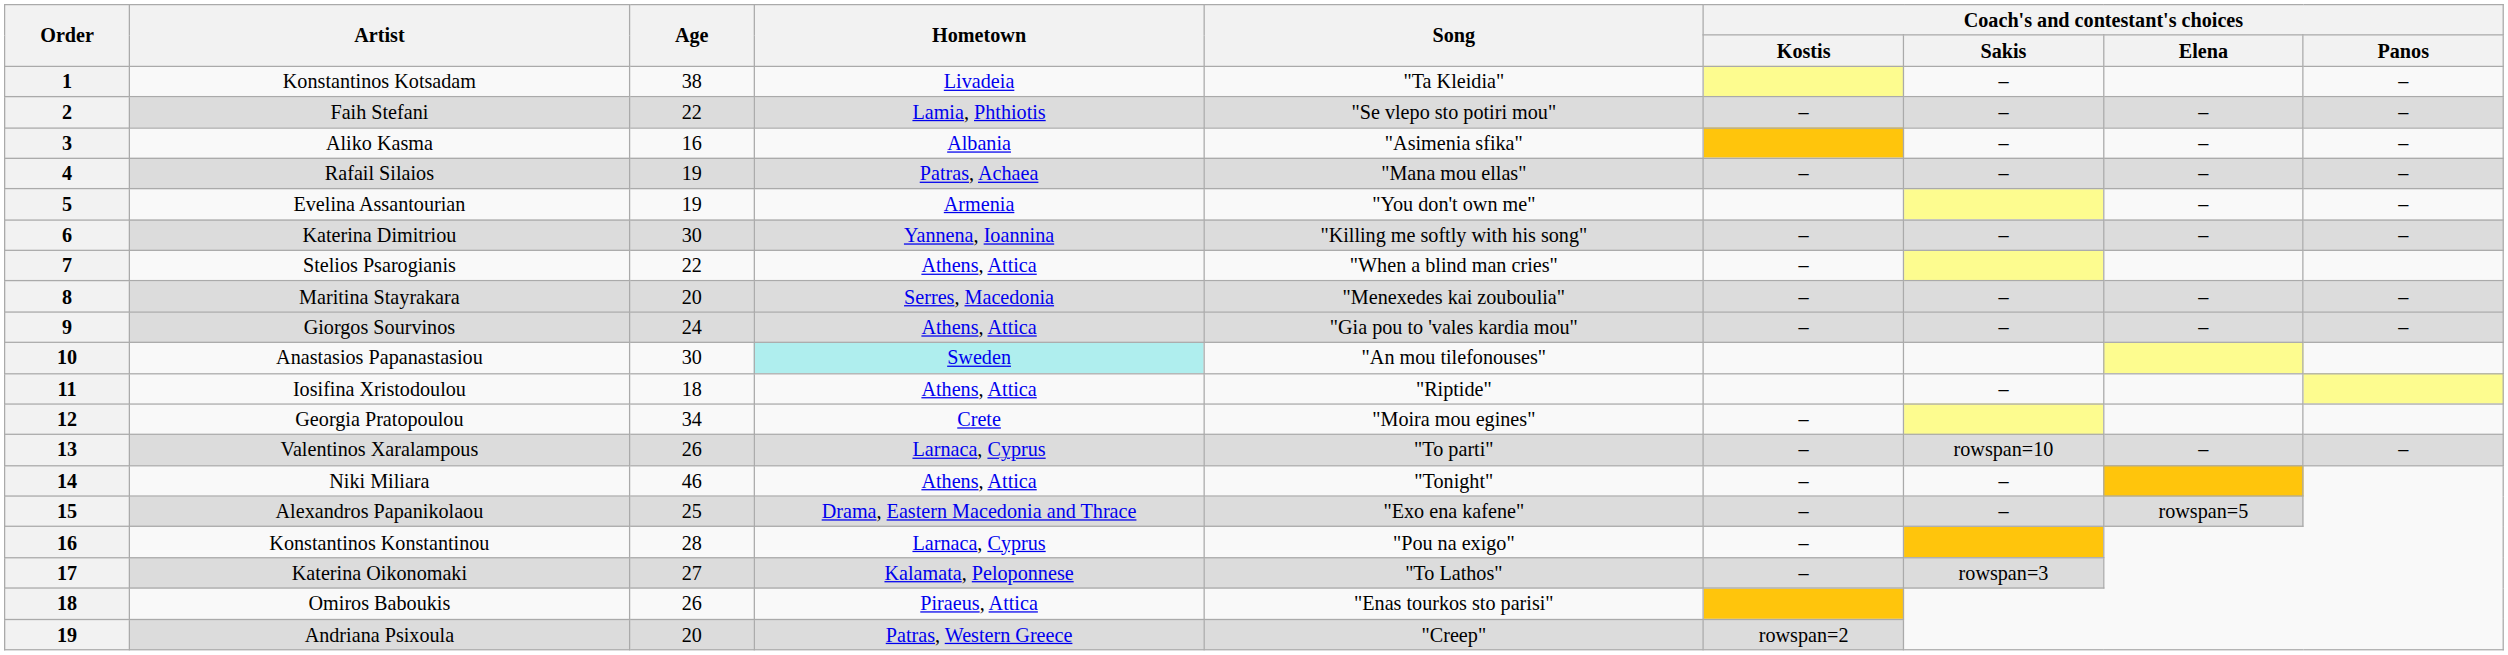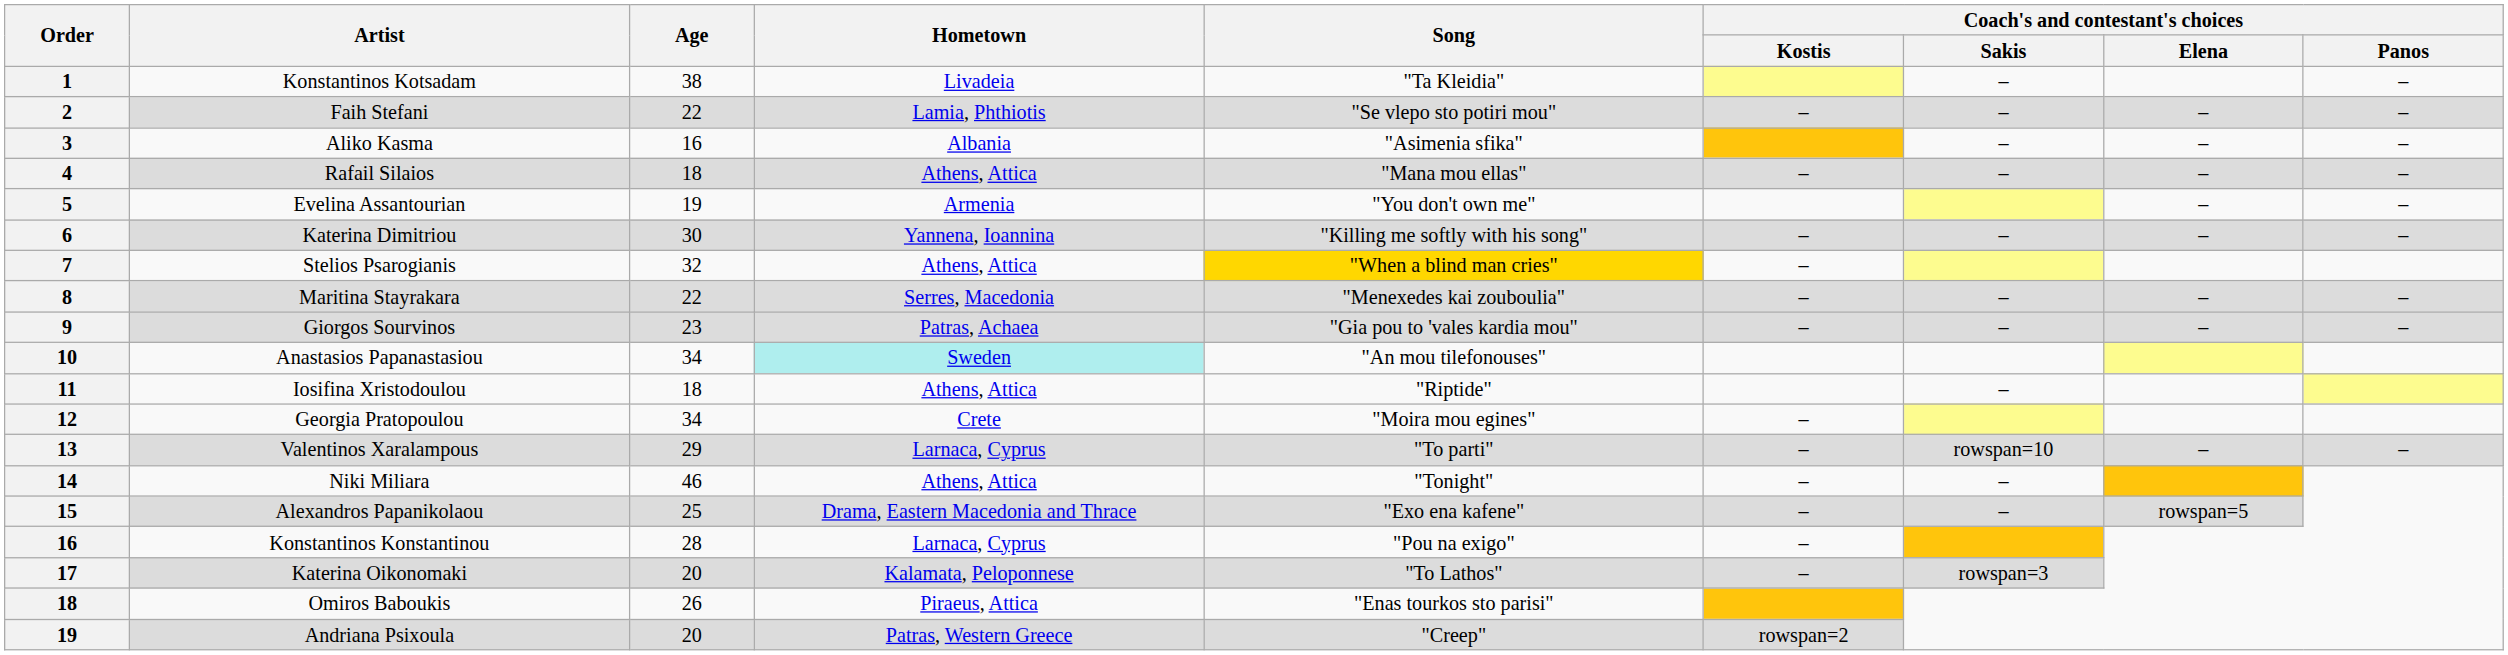 <table class="wikitable" style="text-align:center; line-height:17px; width:100%;">
 <tr>
 <th scope="col" rowspan="2" width="05%">Order</th>
 <th scope="col" rowspan="2" width="20%">Artist</th>
 <th scope="col" rowspan="2" width="05%">Age</th>
 <th scope="col" rowspan="2" width="18%">Hometown</th>
 <th scope="col" rowspan="2" width="20%">Song</th>
 <th scope="col" colspan="4" width="32%">Coach's and contestant's choices</th>
 </tr>
 <tr>
 <th width="08%">Kostis</th>
 <th width="08%">Sakis</th>
 <th width="08%">Elena</th>
 <th width="08%">Panos</th>
 </tr>
 <tr>
 <th>1</th>
 <td>Konstantinos Kotsadam</td>
 <td>38</td>
 <td><a href='#'>Livadeia</a></td>
 <td>"Ta Kleidia"</td>
 <td style="background: #fdfc8f;"></td>
 <td>–</td>
 <td></td>
 <td>–</td>
 </tr>
 <tr style="background: #DCDCDC;" |>
 <th>2</th>
 <td>Faih Stefani</td>
 <td>22</td>
 <td><a href='#'>Lamia</a>, <a href='#'>Phthiotis</a></td>
 <td>"Se vlepo sto potiri mou"</td>
 <td>–</td>
 <td>–</td>
 <td>–</td>
 <td>–</td>
 </tr>
 <tr>
 <th>3</th>
 <td>Aliko Kasma</td>
 <td>16</td>
 <td><a href='#'>Albania</a></td>
 <td>"Asimenia sfika"</td>
 <td style="background: #FFC50C;"></td>
 <td>–</td>
 <td>–</td>
 <td>–</td>
 </tr>
 <tr style="background: #DCDCDC;" |>
 <th>4</th>
 <td>Rafail Silaios</td>
-<td>19</td>
-<td><a href='#'>Patras</a>, <a href='#'>Achaea</a></td>
+<td>18</td>
+<td><a href='#'>Athens</a>, <a href='#'>Attica</a></td>
 <td>"Mana mou ellas"</td>
 <td>–</td>
 <td>–</td>
 <td>–</td>
 <td>–</td>
 </tr>
 <tr>
 <th>5</th>
 <td>Evelina Assantourian</td>
 <td>19</td>
 <td><a href='#'>Armenia</a></td>
 <td>"You don't own me"</td>
 <td></td>
 <td style="background: #fdfc8f;"></td>
 <td>–</td>
 <td>–</td>
 </tr>
 <tr style="background: #DCDCDC;" |>
 <th>6</th>
 <td>Katerina Dimitriou</td>
 <td>30</td>
 <td><a href='#'>Yannena</a>, <a href='#'>Ioannina</a></td>
 <td>"Killing me softly with his song"</td>
 <td>–</td>
 <td>–</td>
 <td>–</td>
 <td>–</td>
 </tr>
 <tr>
 <th>7</th>
 <td>Stelios Psarogianis</td>
-<td>22</td>
+<td>32</td>
 <td><a href='#'>Athens</a>, <a href='#'>Attica</a></td>
-<td>"When a blind man cries"</td>
+<td style="background: gold;">"When a blind man cries"</td>
 <td>–</td>
 <td style="background: #fdfc8f;"></td>
 <td></td>
 <td></td>
 </tr>
 <tr style="background: #DCDCDC;" |>
 <th>8</th>
 <td>Maritina Stayrakara</td>
-<td>20</td>
+<td>22</td>
 <td><a href='#'>Serres</a>, <a href='#'>Macedonia</a></td>
 <td>"Menexedes kai zouboulia"</td>
 <td>–</td>
 <td>–</td>
 <td>–</td>
 <td>–</td>
 </tr>
 <tr style="background: #DCDCDC;" |>
 <th>9</th>
 <td>Giorgos Sourvinos</td>
-<td>24</td>
-<td><a href='#'>Athens</a>, <a href='#'>Attica</a></td>
+<td>23</td>
+<td><a href='#'>Patras</a>, <a href='#'>Achaea</a></td>
 <td>"Gia pou to 'vales kardia mou"</td>
 <td>–</td>
 <td>–</td>
 <td>–</td>
 <td>–</td>
 </tr>
 <tr>
 <th>10</th>
 <td>Anastasios Papanastasiou</td>
-<td>30</td>
+<td>34</td>
 <td style="background: paleturquoise;"><a href='#'>Sweden</a></td>
 <td>"An mou tilefonouses"</td>
 <td></td>
 <td></td>
 <td style="background: #fdfc8f;"></td>
 <td></td>
 </tr>
 <tr>
 <th>11</th>
 <td>Iosifina Xristodoulou</td>
 <td>18</td>
 <td><a href='#'>Athens</a>, <a href='#'>Attica</a></td>
 <td>"Riptide"</td>
 <td></td>
 <td>–</td>
 <td></td>
 <td style="background: #fdfc8f;"></td>
 </tr>
 <tr>
 <th>12</th>
 <td>Georgia Pratopoulou</td>
 <td>34</td>
 <td><a href='#'>Crete</a></td>
 <td>"Moira mou egines"</td>
 <td>–</td>
 <td style="background: #fdfc8f;"></td>
 <td></td>
 <td></td>
 </tr>
 <tr style="background: #DCDCDC;" |>
 <th>13</th>
 <td>Valentinos Xaralampous</td>
-<td>26</td>
+<td>29</td>
 <td><a href='#'>Larnaca</a>, <a href='#'>Cyprus</a></td>
 <td>"To parti"</td>
 <td>–</td>
 <td>rowspan=10 </td>
 <td>–</td>
 <td>–</td>
 </tr>
 <tr>
 <th>14</th>
 <td>Niki Miliara</td>
 <td>46</td>
 <td><a href='#'>Athens</a>, <a href='#'>Attica</a></td>
 <td>"Tonight"</td>
 <td>–</td>
 <td>–</td>
 <td style="background: #FFC50C;"></td>
 </tr>
 <tr style="background: #DCDCDC;" |>
 <th>15</th>
 <td>Alexandros Papanikolaou</td>
 <td>25</td>
 <td><a href='#'>Drama</a>, <a href='#'>Eastern Macedonia and Thrace</a></td>
 <td>"Exo ena kafene"</td>
 <td>–</td>
 <td>–</td>
 <td>rowspan=5 </td>
 </tr>
 <tr>
 <th>16</th>
 <td>Konstantinos Konstantinou</td>
 <td>28</td>
 <td><a href='#'>Larnaca</a>, <a href='#'>Cyprus</a></td>
 <td>"Pou na exigo"</td>
 <td>–</td>
 <td style="background: #FFC50C;"></td>
 </tr>
 <tr style="background: #DCDCDC;" |>
 <th>17</th>
 <td>Katerina Oikonomaki</td>
-<td>27</td>
+<td>20</td>
 <td><a href='#'>Kalamata</a>, <a href='#'>Peloponnese</a></td>
 <td>"To Lathos"</td>
 <td>–</td>
 <td>rowspan=3 </td>
 </tr>
 <tr>
 <th>18</th>
 <td>Omiros Baboukis</td>
 <td>26</td>
 <td><a href='#'>Piraeus</a>, <a href='#'>Attica</a></td>
 <td>"Enas tourkos sto parisi"</td>
 <td style="background: #FFC50C;"></td>
 </tr>
 <tr style="background: #DCDCDC;" |>
 <th>19</th>
 <td>Andriana Psixoula</td>
 <td>20</td>
 <td><a href='#'>Patras</a>, <a href='#'>Western Greece</a></td>
 <td>"Creep"</td>
 <td>rowspan=2 </td>
 </tr>
 </table>
